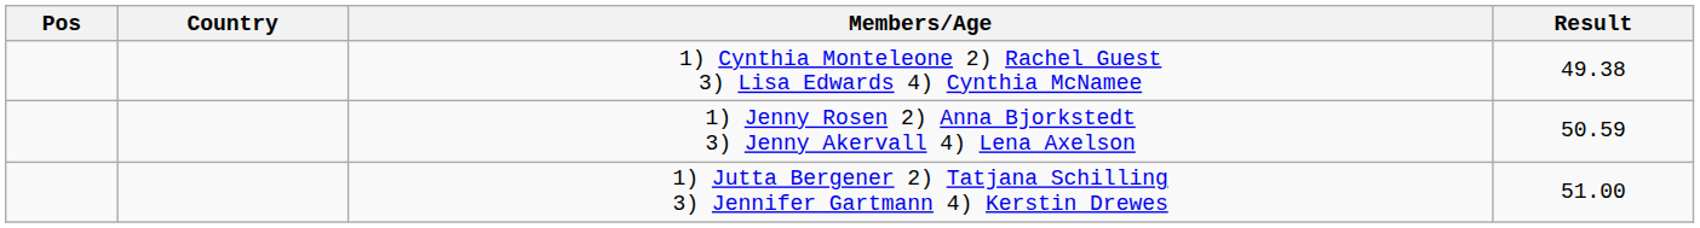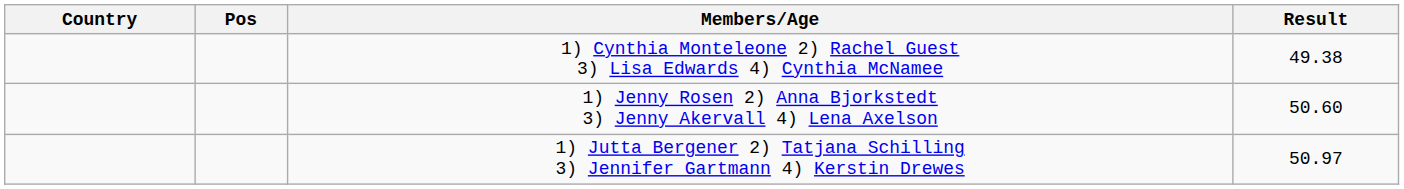 <table class="wikitable"  style="text-align:center; width:80%;">
 <tr>
+<th>Country</th>
 <th>Pos</th>
-<th>Country</th>
 <th>Members/Age</th>
 <th>Result</th>
 </tr>
 <tr>
+<td align=left></td>
 <td align=center></td>
-<td align=left></td>
 <td>1) <a href='#'>Cynthia Monteleone</a> 2) <a href='#'>Rachel Guest</a><br>3) <a href='#'>Lisa Edwards</a> 4) <a href='#'>Cynthia McNamee</a></td>
 <td>49.38</td>
 </tr>
 <tr>
+<td align=left></td>
 <td align=center></td>
-<td align=left></td>
 <td>1) <a href='#'>Jenny Rosen</a> 2) <a href='#'>Anna Bjorkstedt</a><br>3) <a href='#'>Jenny Akervall</a> 4) <a href='#'>Lena Axelson</a></td>
-<td>50.59</td>
+<td>50.60</td>
 </tr>
 <tr>
+<td align=left></td>
 <td align=center></td>
-<td align=left></td>
 <td>1) <a href='#'>Jutta Bergener</a> 2) <a href='#'>Tatjana Schilling</a><br>3) <a href='#'>Jennifer Gartmann</a> 4) <a href='#'>Kerstin Drewes</a></td>
-<td>51.00</td>
+<td>50.97</td>
 </tr>
 </table>
